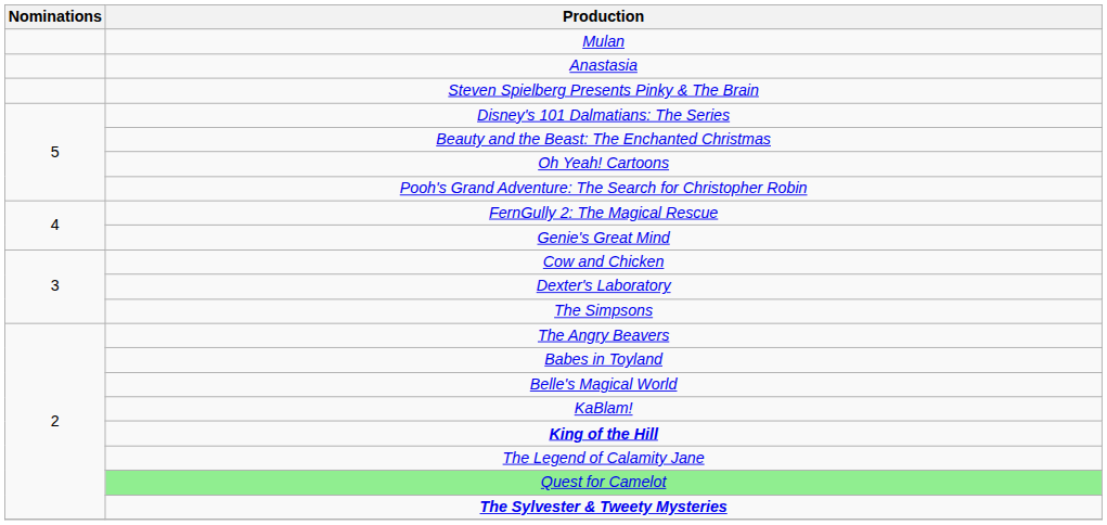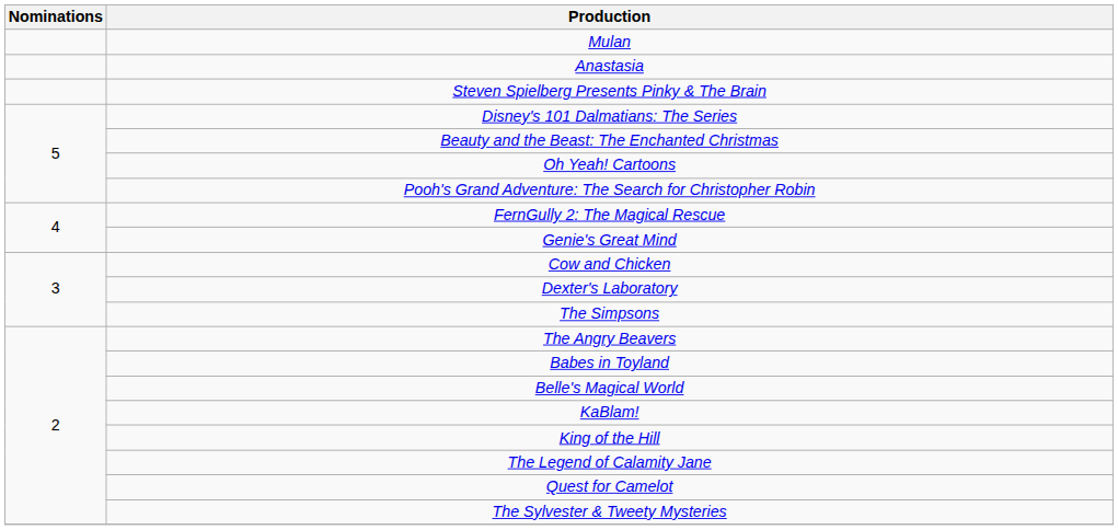 <table class="wikitable" style="text-align:center; width:90%">
 <tr>
 <th scope="col" style="width:55px;">Nominations</th>
 <th scope="col" style="text-align:center;">Production</th>
 </tr>
 <tr>
 <td></td>
 <td><em><a href='#'>Mulan</a></em></td>
 </tr>
 <tr>
 <td></td>
 <td><em><a href='#'>Anastasia</a></em></td>
 </tr>
 <tr>
 <td></td>
 <td><em><a href='#'>Steven Spielberg Presents Pinky & The Brain</a></em></td>
 </tr>
 <tr>
 <td rowspan=4 style="text-align:center">5</td>
 <td><em><a href='#'>Disney's 101 Dalmatians: The Series</a></em></td>
 </tr>
 <tr>
 <td><em><a href='#'>Beauty and the Beast: The Enchanted Christmas</a></em></td>
 </tr>
 <tr>
 <td><em><a href='#'>Oh Yeah! Cartoons</a></em></td>
 </tr>
 <tr>
 <td><em><a href='#'>Pooh's Grand Adventure: The Search for Christopher Robin</a></em></td>
 </tr>
 <tr>
 <td rowspan=2 style="text-align:center">4</td>
 <td><em><a href='#'>FernGully 2: The Magical Rescue</a></em></td>
 </tr>
 <tr>
 <td><em><a href='#'>Genie's Great Mind</a></em></td>
 </tr>
 <tr>
 <td rowspan=3 style="text-align:center">3</td>
 <td><em><a href='#'>Cow and Chicken</a></em></td>
 </tr>
 <tr>
 <td><em><a href='#'>Dexter's Laboratory</a></em></td>
 </tr>
 <tr>
 <td><em><a href='#'>The Simpsons</a></em></td>
 </tr>
 <tr>
 <td rowspan=8 style="text-align:center">2</td>
 <td><em><a href='#'>The Angry Beavers</a></em></td>
 </tr>
 <tr>
 <td><em><a href='#'>Babes in Toyland</a></em></td>
 </tr>
 <tr>
 <td><em><a href='#'>Belle's Magical World</a></em></td>
 </tr>
 <tr>
 <td><em><a href='#'>KaBlam!</a></em></td>
 </tr>
 <tr>
-<td><strong><em><a href='#'>King of the Hill</a></em></strong></td>
+<td><em><a href='#'>King of the Hill</a></em></td>
 </tr>
 <tr>
 <td><em><a href='#'>The Legend of Calamity Jane</a></em></td>
 </tr>
 <tr>
-<td style="background: lightgreen;"><em><a href='#'>Quest for Camelot</a></em></td>
+<td><em><a href='#'>Quest for Camelot</a></em></td>
 </tr>
 <tr>
-<td><strong><em><a href='#'>The Sylvester & Tweety Mysteries</a></em></strong></td>
+<td><em><a href='#'>The Sylvester & Tweety Mysteries</a></em></td>
 </tr>
 <tr>
 </tr>
 </table>
